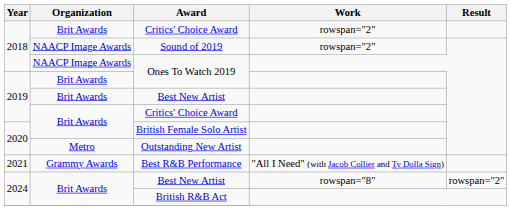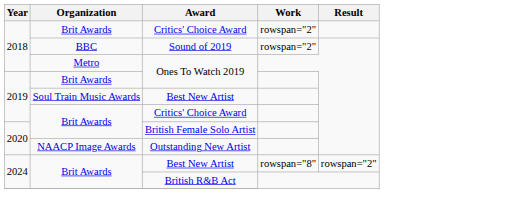 <table class="wikitable plainrowheaders" style="text-align:center;">
 <tr>
 <th>Year</th>
 <th>Organization</th>
 <th>Award</th>
 <th>Work</th>
 <th>Result</th>
 </tr>
 <tr>
 <td rowspan="3">2018</td>
 <td><a href='#'>Brit Awards</a></td>
 <td><a href='#'>Critics' Choice Award</a></td>
 <td>rowspan="2" </td>
 <td></td>
 </tr>
 <tr>
-<td><a href='#'>NAACP Image Awards</a></td>
+<td><a href='#'>BBC</a></td>
 <td><a href='#'>Sound of 2019</a></td>
 <td>rowspan="2" <br></td>
 </tr>
 <tr>
-<td><a href='#'>NAACP Image Awards</a></td>
+<td><a href='#'>Metro</a></td>
 <td rowspan="2">Ones To Watch 2019</td>
 </tr>
 <tr>
 <td rowspan="3">2019</td>
 <td><a href='#'>Brit Awards</a></td>
 <td></td>
 </tr>
 <tr>
-<td><a href='#'>Brit Awards</a></td>
+<td><a href='#'>Soul Train Music Awards</a></td>
 <td><a href='#'>Best New Artist</a></td>
 <td></td>
 </tr>
 <tr>
 <td rowspan="2"><a href='#'>Brit Awards</a></td>
 <td><a href='#'>Critics' Choice Award</a></td>
 <td></td>
 </tr>
 <tr>
 <td rowspan="2">2020</td>
 <td><a href='#'>British Female Solo Artist</a></td>
 <td></td>
 </tr>
 <tr>
-<td><a href='#'>Metro</a></td>
+<td><a href='#'>NAACP Image Awards</a></td>
 <td><a href='#'>Outstanding New Artist</a></td>
-<td></td>
-</tr>
-<tr>
-<td>2021</td>
-<td><a href='#'>Grammy Awards</a></td>
-<td><a href='#'>Best R&B Performance</a></td>
-<td>"All I Need" <small>(with <a href='#'>Jacob Collier</a> and <a href='#'>Ty Dolla Sign</a>)</small></td>
 <td></td>
 </tr>
 <tr>
 <td rowspan="2">2024</td>
 <td rowspan="2"><a href='#'>Brit Awards</a></td>
 <td><a href='#'>Best New Artist</a></td>
 <td>rowspan="8" </td>
 <td>rowspan="2" </td>
 </tr>
 <tr>
 <td><a href='#'>British R&B Act</a></td>
 </tr>
 <tr>
 </tr>
 </table>
